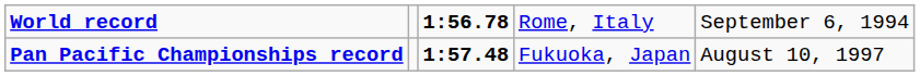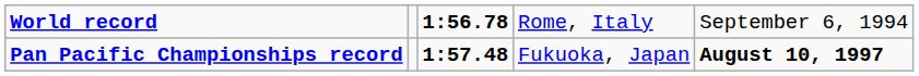 <table class="wikitable">
 <tr>
 <td><strong><a href='#'>World record</a></strong></td>
 <td></td>
 <td><strong>1:56.78</strong></td>
 <td><a href='#'>Rome</a>, <a href='#'>Italy</a></td>
 <td>September 6, 1994</td>
 </tr>
 <tr>
 <td><strong><a href='#'>Pan Pacific Championships record</a></strong></td>
 <td></td>
 <td><strong>1:57.48</strong></td>
 <td><a href='#'>Fukuoka</a>, <a href='#'>Japan</a></td>
-<td>August 10, 1997</td>
+<td><strong>August 10, 1997</strong></td>
 </tr>
 </table>
